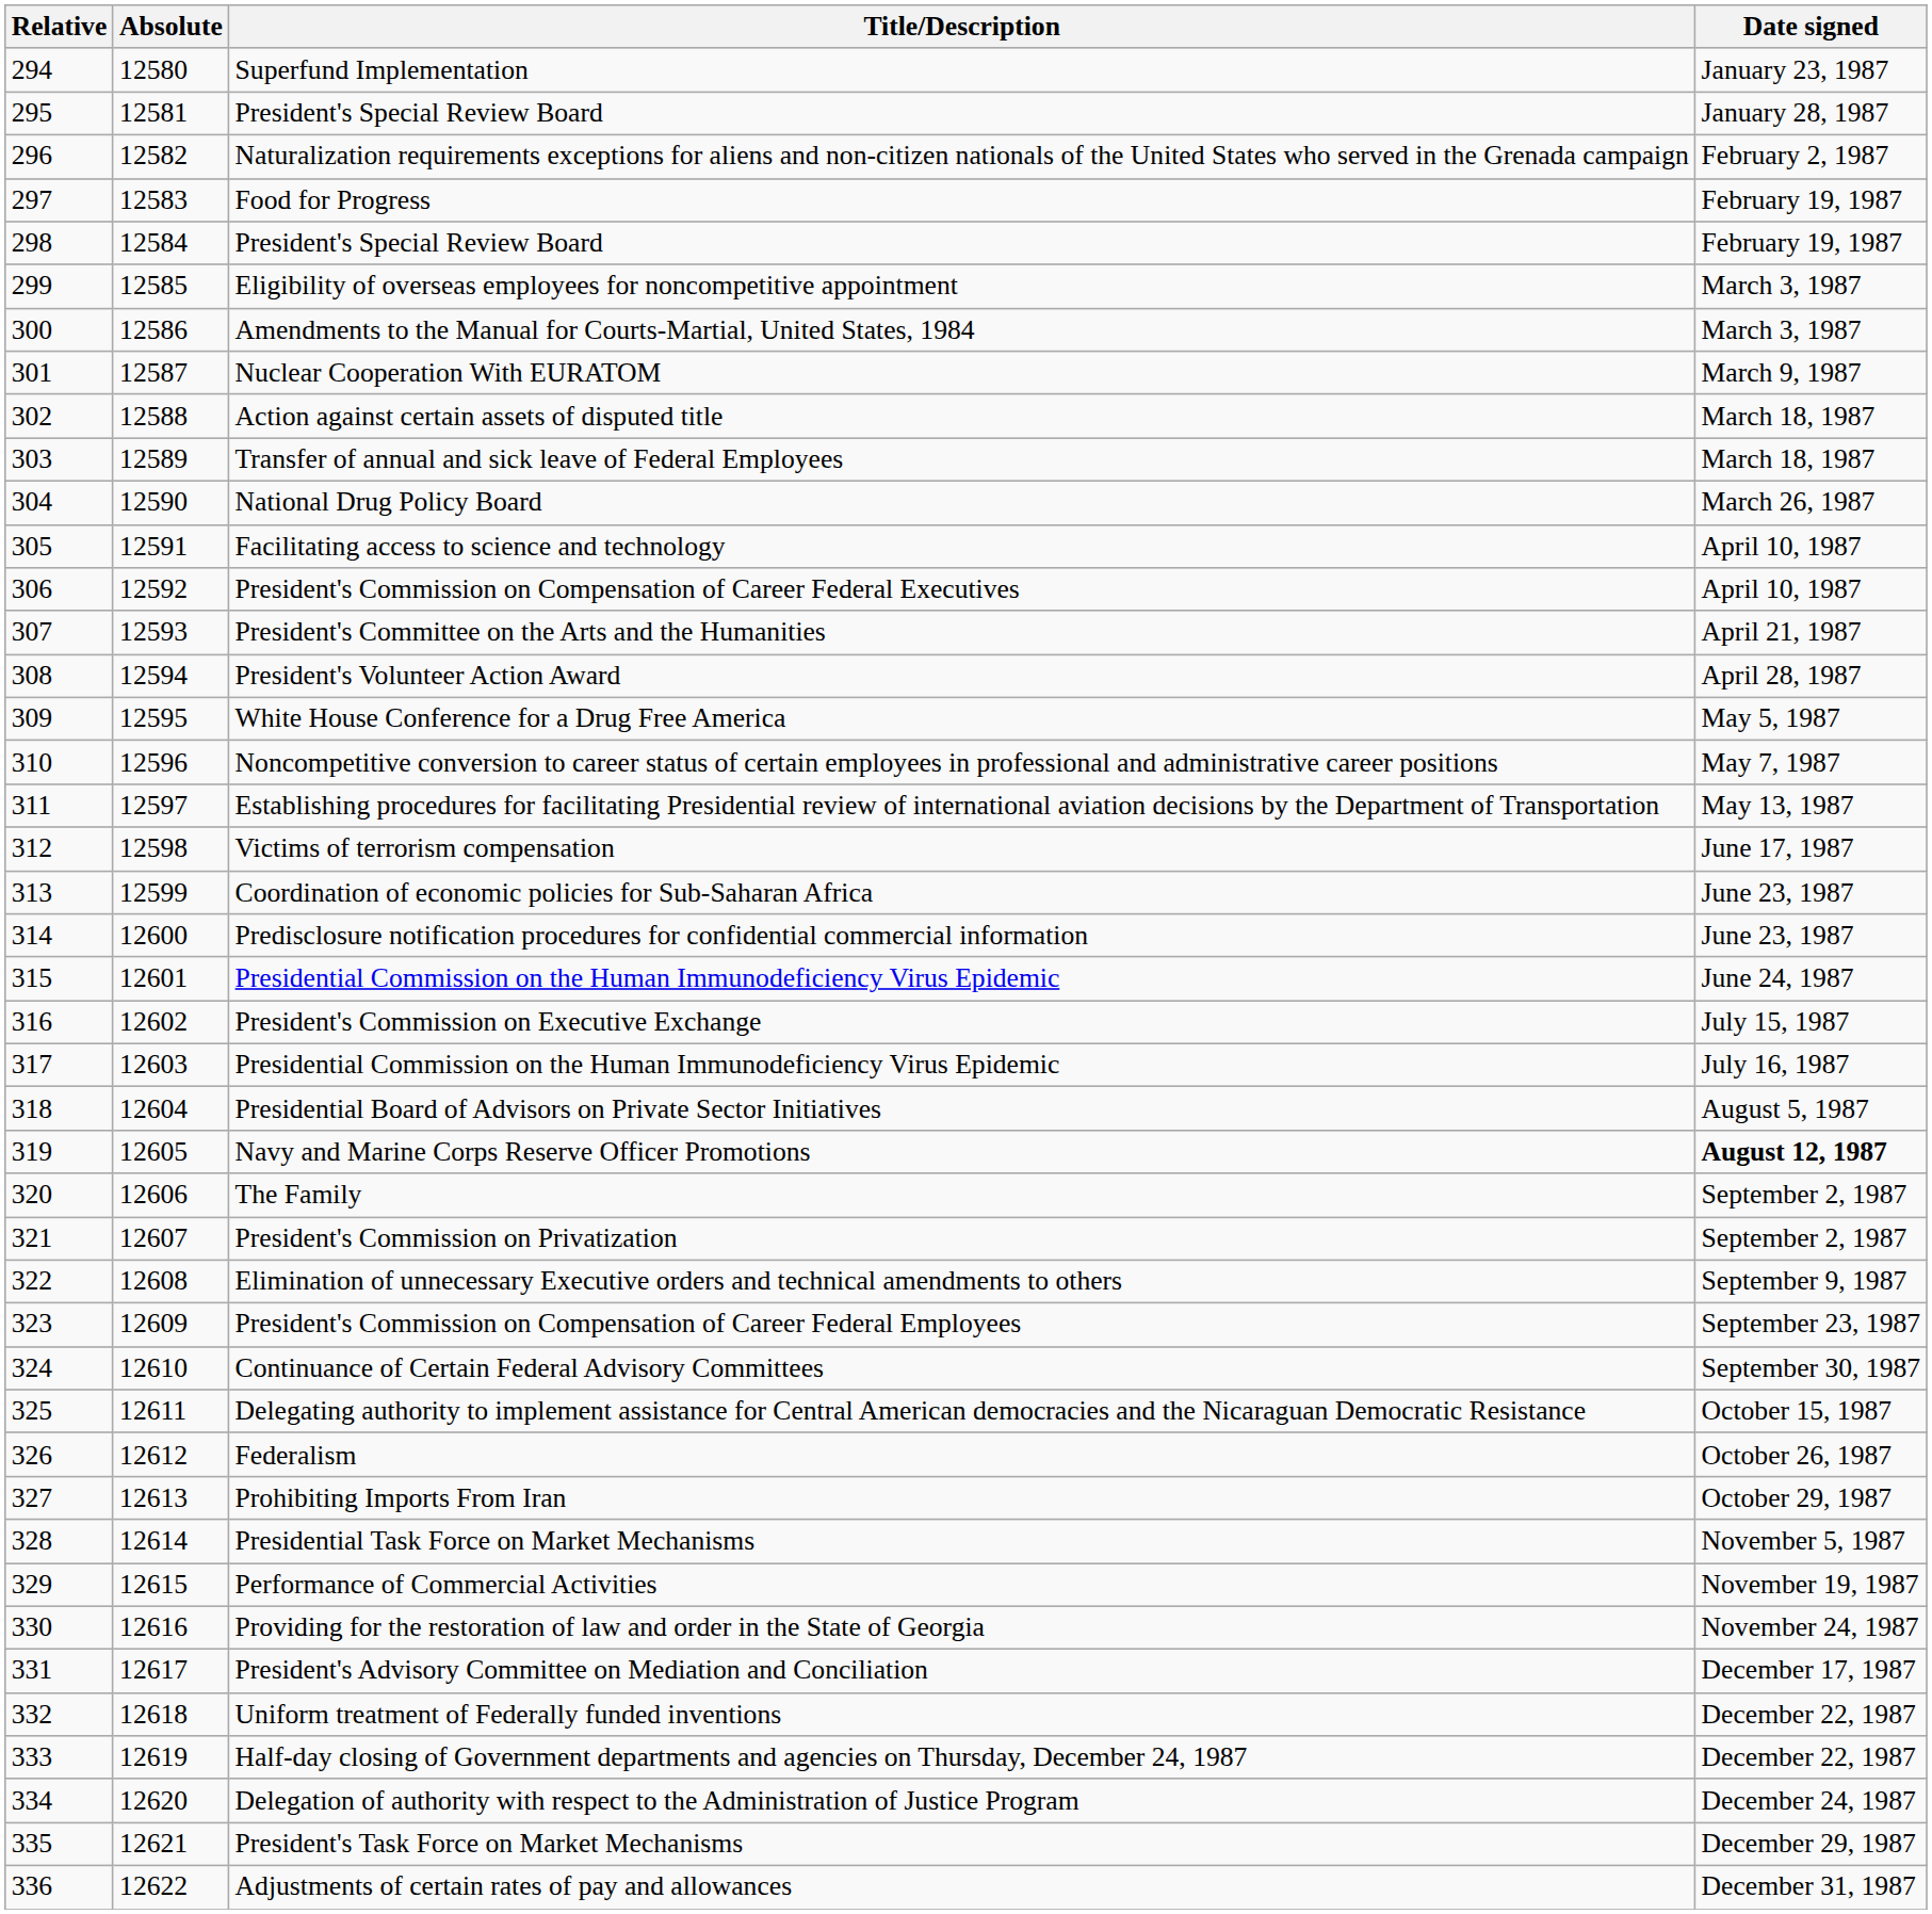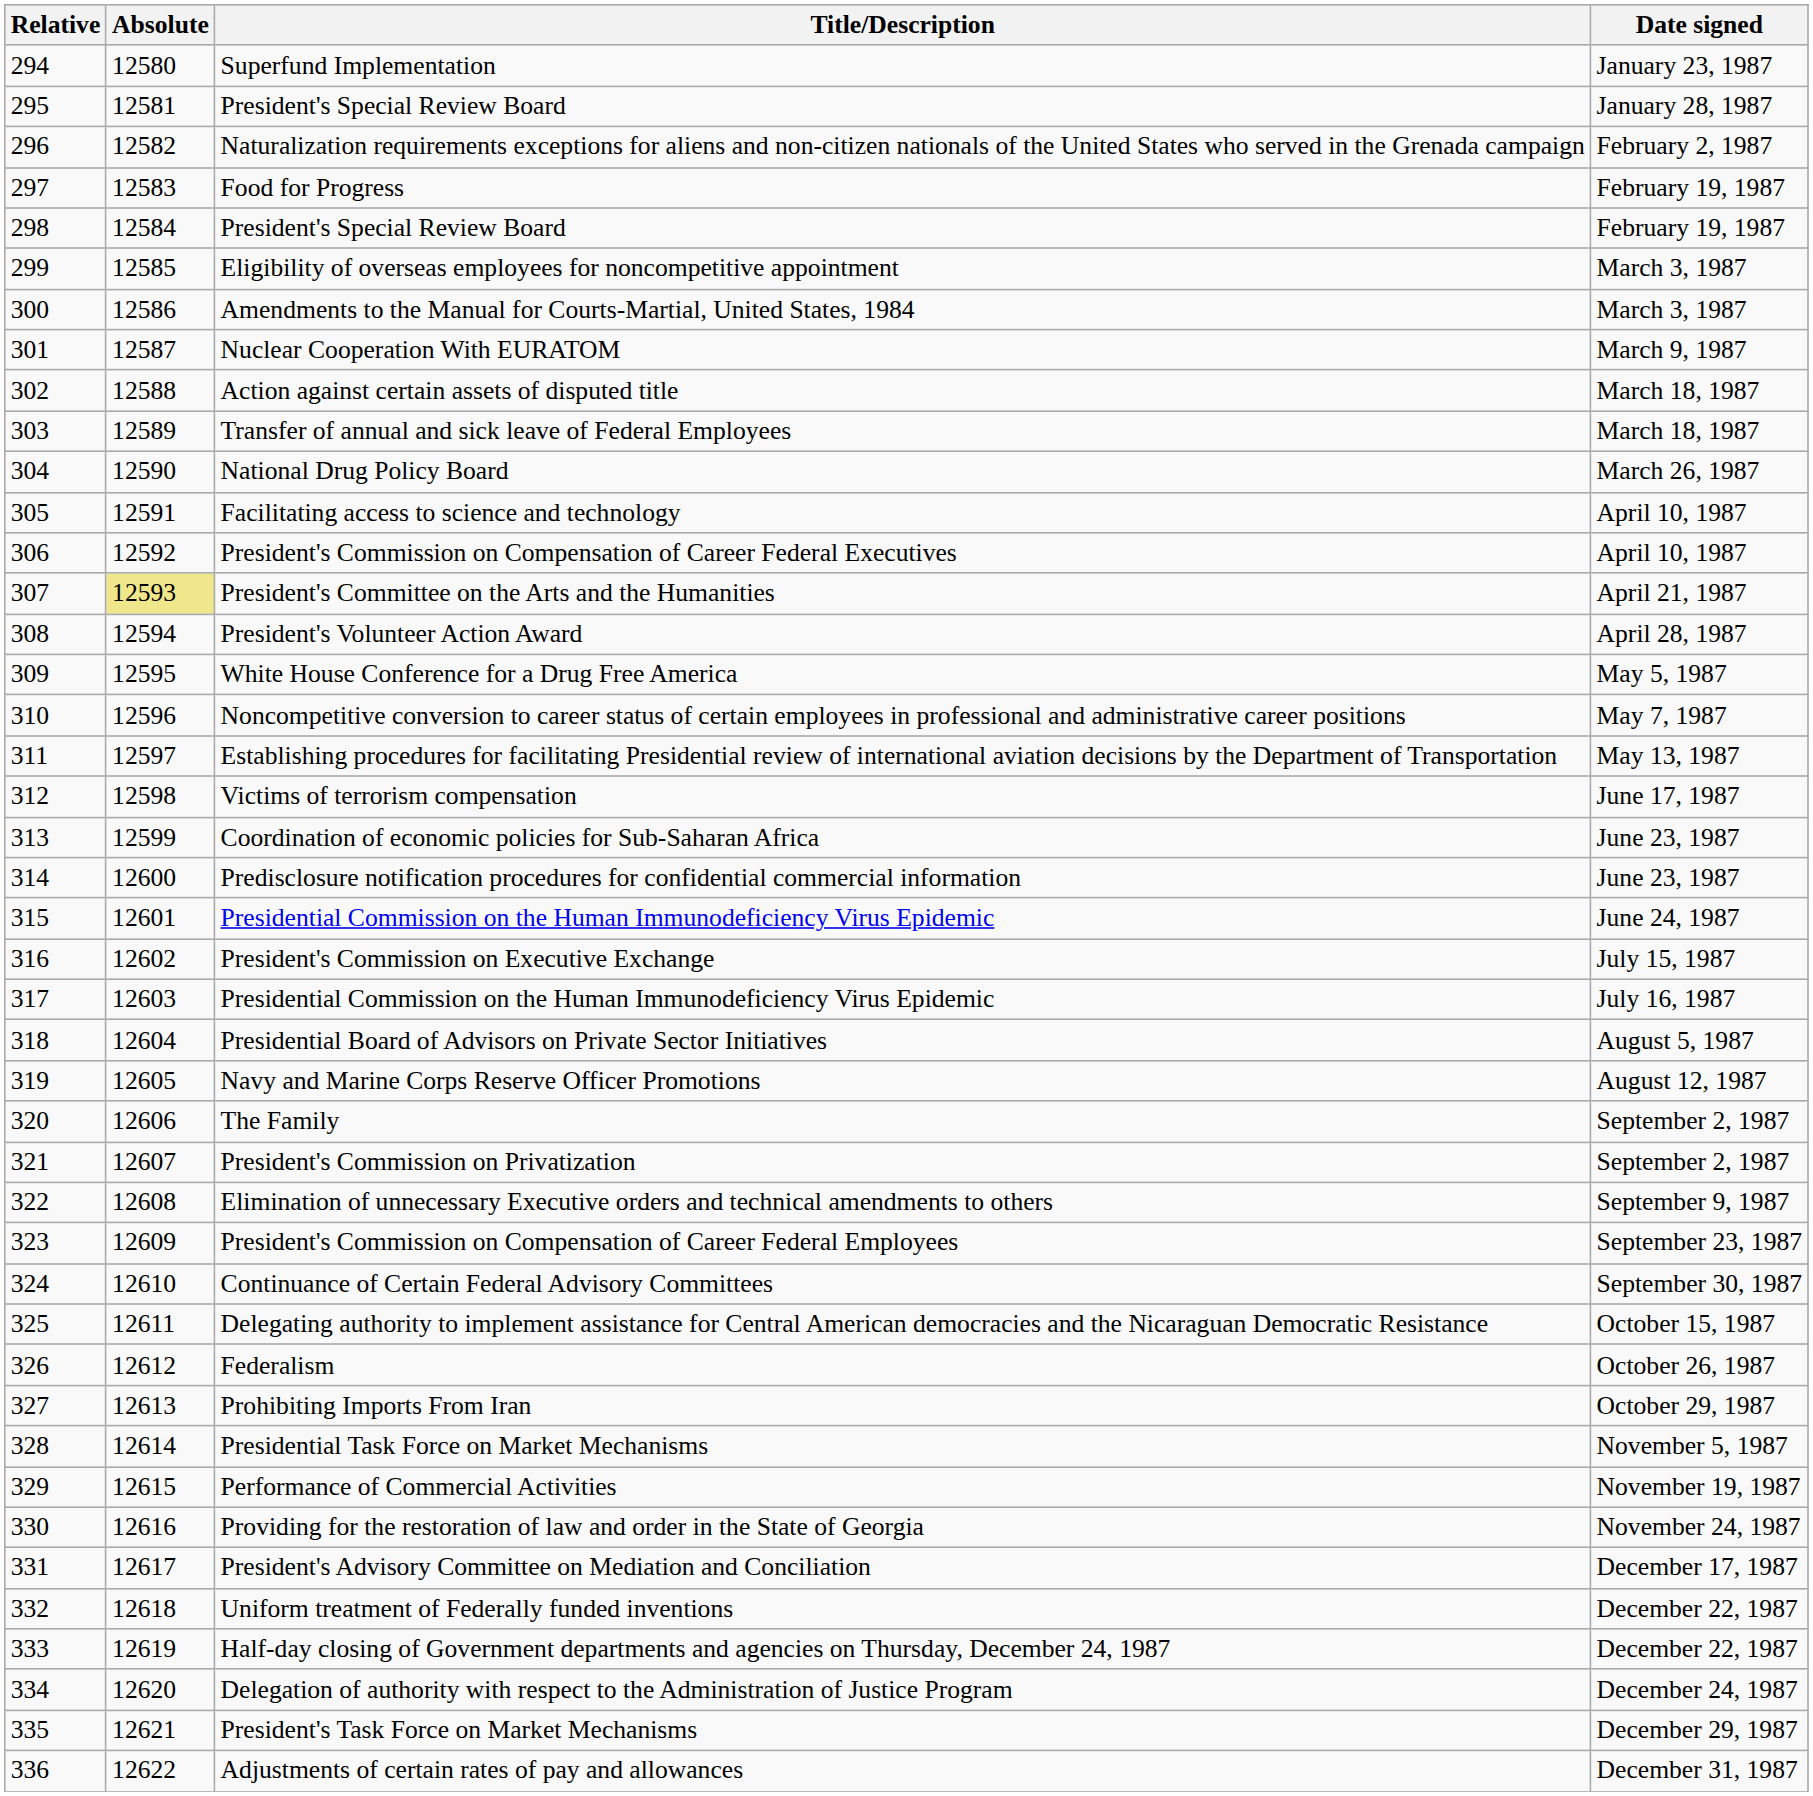 <table class="wikitable">
 <tr>
 <th>Relative </th>
 <th>Absolute </th>
 <th>Title/Description</th>
 <th>Date signed</th>
 </tr>
 <tr>
 <td>294</td>
 <td>12580</td>
 <td>Superfund Implementation</td>
 <td>January 23, 1987</td>
 </tr>
 <tr>
 <td>295</td>
 <td>12581</td>
 <td>President's Special Review Board</td>
 <td>January 28, 1987</td>
 </tr>
 <tr>
 <td>296</td>
 <td>12582</td>
 <td>Naturalization requirements exceptions for aliens and non-citizen nationals of the United States who served in the Grenada campaign</td>
 <td>February 2, 1987</td>
 </tr>
 <tr>
 <td>297</td>
 <td>12583</td>
 <td>Food for Progress</td>
 <td>February 19, 1987</td>
 </tr>
 <tr>
 <td>298</td>
 <td>12584</td>
 <td>President's Special Review Board</td>
 <td>February 19, 1987</td>
 </tr>
 <tr>
 <td>299</td>
 <td>12585</td>
 <td>Eligibility of overseas employees for noncompetitive appointment</td>
 <td>March 3, 1987</td>
 </tr>
 <tr>
 <td>300</td>
 <td>12586</td>
 <td>Amendments to the Manual for Courts-Martial, United States, 1984</td>
 <td>March 3, 1987</td>
 </tr>
 <tr>
 <td>301</td>
 <td>12587</td>
 <td>Nuclear Cooperation With EURATOM</td>
 <td>March 9, 1987</td>
 </tr>
 <tr>
 <td>302</td>
 <td>12588</td>
 <td>Action against certain assets of disputed title</td>
 <td>March 18, 1987</td>
 </tr>
 <tr>
 <td>303</td>
 <td>12589</td>
 <td>Transfer of annual and sick leave of Federal Employees</td>
 <td>March 18, 1987</td>
 </tr>
 <tr>
 <td>304</td>
 <td>12590</td>
 <td>National Drug Policy Board</td>
 <td>March 26, 1987</td>
 </tr>
 <tr>
 <td>305</td>
 <td>12591</td>
 <td>Facilitating access to science and technology</td>
 <td>April 10, 1987</td>
 </tr>
 <tr>
 <td>306</td>
 <td>12592</td>
 <td>President's Commission on Compensation of Career Federal Executives</td>
 <td>April 10, 1987</td>
 </tr>
 <tr>
 <td>307</td>
-<td>12593</td>
+<td style="background: khaki;">12593</td>
 <td>President's Committee on the Arts and the Humanities</td>
 <td>April 21, 1987</td>
 </tr>
 <tr>
 <td>308</td>
 <td>12594</td>
 <td>President's Volunteer Action Award</td>
 <td>April 28, 1987</td>
 </tr>
 <tr>
 <td>309</td>
 <td>12595</td>
 <td>White House Conference for a Drug Free America</td>
 <td>May 5, 1987</td>
 </tr>
 <tr>
 <td>310</td>
 <td>12596</td>
 <td>Noncompetitive conversion to career status of certain employees in professional and administrative career positions</td>
 <td>May 7, 1987</td>
 </tr>
 <tr>
 <td>311</td>
 <td>12597</td>
 <td>Establishing procedures for facilitating Presidential review of international aviation decisions by the Department of Transportation</td>
 <td>May 13, 1987</td>
 </tr>
 <tr>
 <td>312</td>
 <td>12598</td>
 <td>Victims of terrorism compensation</td>
 <td>June 17, 1987</td>
 </tr>
 <tr>
 <td>313</td>
 <td>12599</td>
 <td>Coordination of economic policies for Sub-Saharan Africa</td>
 <td>June 23, 1987</td>
 </tr>
 <tr>
 <td>314</td>
 <td>12600</td>
 <td>Predisclosure notification procedures for confidential commercial information</td>
 <td>June 23, 1987</td>
 </tr>
 <tr>
 <td>315</td>
 <td>12601</td>
 <td><a href='#'>Presidential Commission on the Human Immunodeficiency Virus Epidemic</a></td>
 <td>June 24, 1987</td>
 </tr>
 <tr>
 <td>316</td>
 <td>12602</td>
 <td>President's Commission on Executive Exchange</td>
 <td>July 15, 1987</td>
 </tr>
 <tr>
 <td>317</td>
 <td>12603</td>
 <td>Presidential Commission on the Human Immunodeficiency Virus Epidemic</td>
 <td>July 16, 1987</td>
 </tr>
 <tr>
 <td>318</td>
 <td>12604</td>
 <td>Presidential Board of Advisors on Private Sector Initiatives</td>
 <td>August 5, 1987</td>
 </tr>
 <tr>
 <td>319</td>
 <td>12605</td>
 <td>Navy and Marine Corps Reserve Officer Promotions</td>
-<td><strong>August 12, 1987</strong></td>
+<td>August 12, 1987</td>
 </tr>
 <tr>
 <td>320</td>
 <td>12606</td>
 <td>The Family</td>
 <td>September 2, 1987</td>
 </tr>
 <tr>
 <td>321</td>
 <td>12607</td>
 <td>President's Commission on Privatization</td>
 <td>September 2, 1987</td>
 </tr>
 <tr>
 <td>322</td>
 <td>12608</td>
 <td>Elimination of unnecessary Executive orders and technical amendments to others</td>
 <td>September 9, 1987</td>
 </tr>
 <tr>
 <td>323</td>
 <td>12609</td>
 <td>President's Commission on Compensation of Career Federal Employees</td>
 <td>September 23, 1987</td>
 </tr>
 <tr>
 <td>324</td>
 <td>12610</td>
 <td>Continuance of Certain Federal Advisory Committees</td>
 <td>September 30, 1987</td>
 </tr>
 <tr>
 <td>325</td>
 <td>12611</td>
 <td>Delegating authority to implement assistance for Central American democracies and the Nicaraguan Democratic Resistance</td>
 <td>October 15, 1987</td>
 </tr>
 <tr>
 <td>326</td>
 <td>12612</td>
 <td>Federalism</td>
 <td>October 26, 1987</td>
 </tr>
 <tr>
 <td>327</td>
 <td>12613</td>
 <td>Prohibiting Imports From Iran</td>
 <td>October 29, 1987</td>
 </tr>
 <tr>
 <td>328</td>
 <td>12614</td>
 <td>Presidential Task Force on Market Mechanisms</td>
 <td>November 5, 1987</td>
 </tr>
 <tr>
 <td>329</td>
 <td>12615</td>
 <td>Performance of Commercial Activities</td>
 <td>November 19, 1987</td>
 </tr>
 <tr>
 <td>330</td>
 <td>12616</td>
 <td>Providing for the restoration of law and order in the State of Georgia</td>
 <td>November 24, 1987</td>
 </tr>
 <tr>
 <td>331</td>
 <td>12617</td>
 <td>President's Advisory Committee on Mediation and Conciliation</td>
 <td>December 17, 1987</td>
 </tr>
 <tr>
 <td>332</td>
 <td>12618</td>
 <td>Uniform treatment of Federally funded inventions</td>
 <td>December 22, 1987</td>
 </tr>
 <tr>
 <td>333</td>
 <td>12619</td>
 <td>Half-day closing of Government departments and agencies on Thursday, December 24, 1987</td>
 <td>December 22, 1987</td>
 </tr>
 <tr>
 <td>334</td>
 <td>12620</td>
 <td>Delegation of authority with respect to the Administration of Justice Program</td>
 <td>December 24, 1987</td>
 </tr>
 <tr>
 <td>335</td>
 <td>12621</td>
 <td>President's Task Force on Market Mechanisms</td>
 <td>December 29, 1987</td>
 </tr>
 <tr>
 <td>336</td>
 <td>12622</td>
 <td>Adjustments of certain rates of pay and allowances</td>
 <td>December 31, 1987</td>
 </tr>
 </table>
